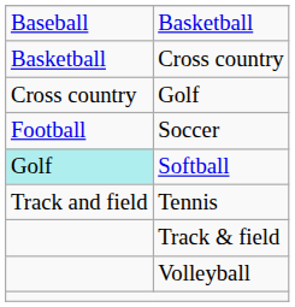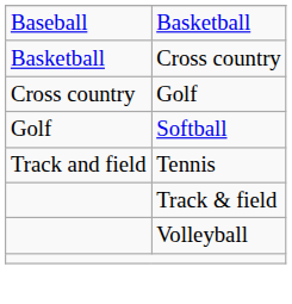 <table class="wikitable" style= " ">
 <tr>
 </tr>
 <tr>
 <td><a href='#'>Baseball</a></td>
 <td><a href='#'>Basketball</a></td>
 </tr>
 <tr>
 <td><a href='#'>Basketball</a></td>
 <td>Cross country</td>
 </tr>
 <tr>
 <td>Cross country</td>
 <td>Golf</td>
 </tr>
 <tr>
-<td><a href='#'>Football</a></td>
-<td>Soccer</td>
-</tr>
-<tr>
-<td style="background: paleturquoise;">Golf</td>
+<td>Golf</td>
 <td><a href='#'>Softball</a></td>
 </tr>
 <tr>
 <td>Track and field</td>
 <td>Tennis</td>
 </tr>
 <tr>
 <td></td>
 <td>Track & field</td>
 </tr>
 <tr>
 <td></td>
 <td>Volleyball</td>
 </tr>
 <tr>
 <td colspan="2"></td>
 </tr>
 </table>
